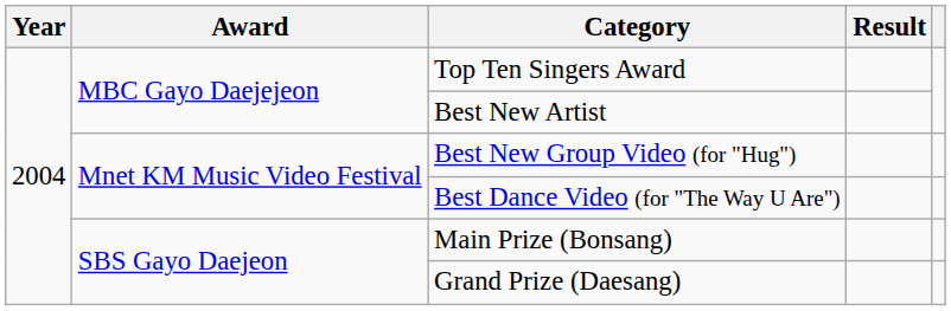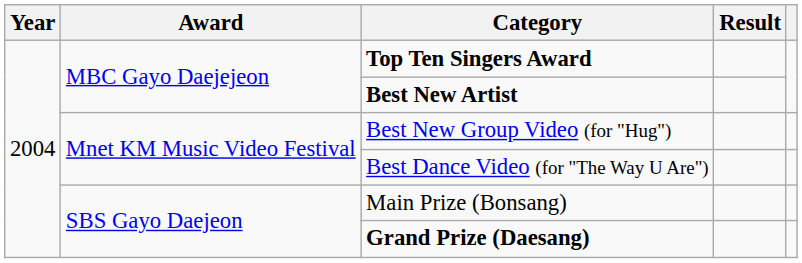 <table class="wikitable plainrowheaders">
 <tr>
 <th>Year</th>
 <th>Award</th>
 <th>Category</th>
 <th>Result</th>
 <th></th>
 </tr>
 <tr>
 <td rowspan="6">2004</td>
 <td rowspan="2"><a href='#'>MBC Gayo Daejejeon</a></td>
-<td>Top Ten Singers Award</td>
+<td><strong>Top Ten Singers Award</strong></td>
 <td></td>
 <td rowspan="2" align="center"></td>
 </tr>
 <tr>
-<td>Best New Artist</td>
+<td><strong>Best New Artist</strong></td>
 <td></td>
 </tr>
 <tr>
 <td rowspan="2"><a href='#'>Mnet KM Music Video Festival</a></td>
 <td><a href='#'>Best New Group Video</a> <small>(for "Hug")</small></td>
 <td></td>
 <td></td>
 </tr>
 <tr>
 <td><a href='#'>Best Dance Video</a> <small>(for "The Way U Are")</small></td>
 <td></td>
 <td></td>
 </tr>
 <tr>
 <td rowspan="2"><a href='#'>SBS Gayo Daejeon</a></td>
 <td>Main Prize (Bonsang)</td>
 <td></td>
 <td></td>
 </tr>
 <tr>
-<td>Grand Prize (Daesang)</td>
+<td><strong>Grand Prize (Daesang)</strong></td>
 <td></td>
 <td></td>
 </tr>
 </table>
